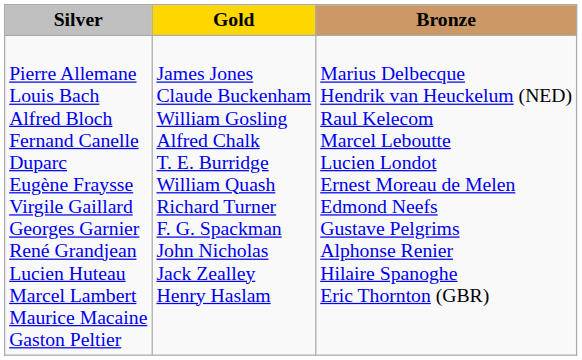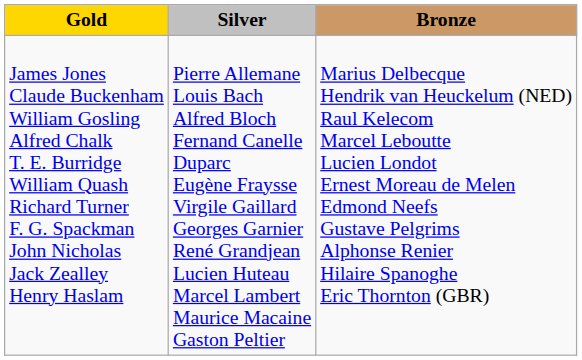 <table class="wikitable">
 <tr>
+<th style="background-color:gold;">Gold</th>
 <th style="background-color:silver;">Silver</th>
-<th style="background-color:gold;">Gold</th>
 <th style="background-color:#cc9966;">Bronze</th>
 </tr>
 <tr>
+<td valign=top><br><a href='#'>James Jones</a><br><a href='#'>Claude Buckenham</a><br><a href='#'>William Gosling</a><br><a href='#'>Alfred Chalk</a><br><a href='#'>T. E. Burridge</a><br><a href='#'>William Quash</a><br><a href='#'>Richard Turner</a><br><a href='#'>F. G. Spackman</a><br><a href='#'>John Nicholas</a><br><a href='#'>Jack Zealley</a><br><a href='#'>Henry Haslam</a></td>
 <td valign=top><br><a href='#'>Pierre Allemane</a><br><a href='#'>Louis Bach</a><br><a href='#'>Alfred Bloch</a><br><a href='#'>Fernand Canelle</a><br><a href='#'>Duparc</a><br><a href='#'>Eugène Fraysse</a><br><a href='#'>Virgile Gaillard</a><br><a href='#'>Georges Garnier</a><br><a href='#'>René Grandjean</a><br><a href='#'>Lucien Huteau</a><br><a href='#'>Marcel Lambert</a><br><a href='#'>Maurice Macaine</a><br><a href='#'>Gaston Peltier</a></td>
-<td valign=top><br><a href='#'>James Jones</a><br><a href='#'>Claude Buckenham</a><br><a href='#'>William Gosling</a><br><a href='#'>Alfred Chalk</a><br><a href='#'>T. E. Burridge</a><br><a href='#'>William Quash</a><br><a href='#'>Richard Turner</a><br><a href='#'>F. G. Spackman</a><br><a href='#'>John Nicholas</a><br><a href='#'>Jack Zealley</a><br><a href='#'>Henry Haslam</a></td>
 <td valign=top><br><a href='#'>Marius Delbecque</a><br><a href='#'>Hendrik van Heuckelum</a> (NED)<br><a href='#'>Raul Kelecom</a><br><a href='#'>Marcel Leboutte</a><br><a href='#'>Lucien Londot</a><br><a href='#'>Ernest Moreau de Melen</a><br><a href='#'>Edmond Neefs</a><br><a href='#'>Gustave Pelgrims</a><br><a href='#'>Alphonse Renier</a><br><a href='#'>Hilaire Spanoghe</a><br><a href='#'>Eric Thornton</a> (GBR)</td>
 </tr>
 </table>
